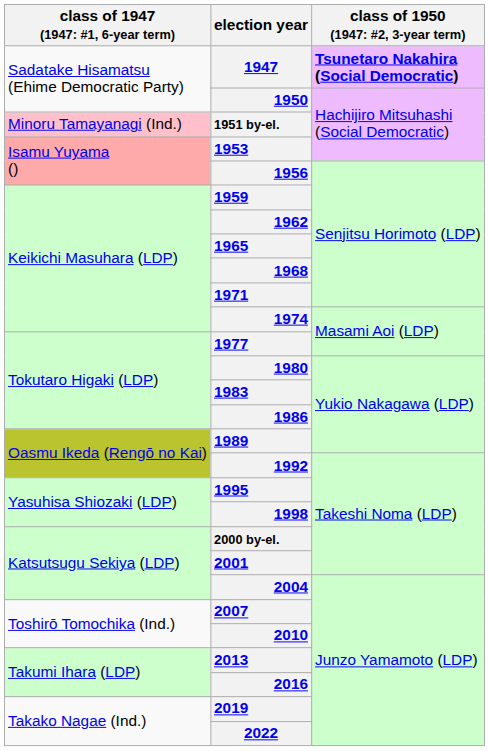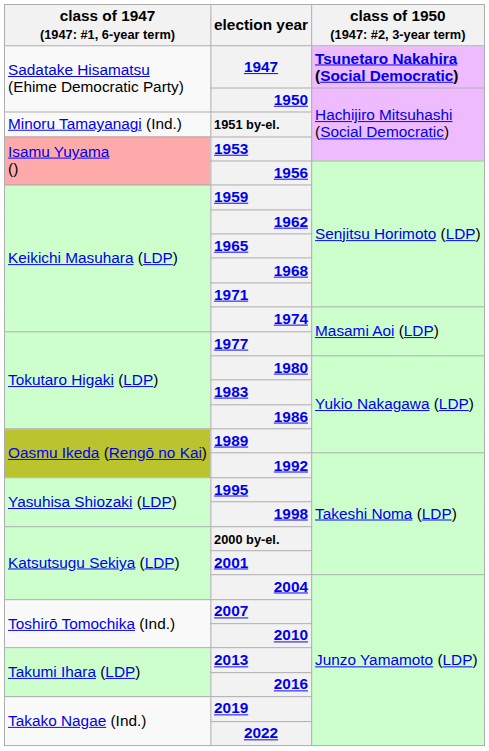 <table class="wikitable" border="1">
 <tr>
 <th>class of 1947 <br><small>(1947: #1, 6-year term)</small></th>
 <th>election year</th>
 <th>class of 1950 <br><small>(1947: #2, 3-year term)</small></th>
 </tr>
 <tr>
 <td rowspan="2"><a href='#'>Sadatake Hisamatsu</a><br>(Ehime Democratic Party)</td>
 <th style="text-align: center"><a href='#'>1947</a></th>
 <td bgcolor="#EEBBFF"><strong><a href='#'>Tsunetaro Nakahira</a><br>(<a href='#'>Social Democratic</a>)</strong></td>
 </tr>
 <tr>
 <th style="text-align: right"><a href='#'>1950</a></th>
 <td rowspan="3" bgcolor="#EEBBFF"><a href='#'>Hachijiro Mitsuhashi</a><br>(<a href='#'>Social Democratic</a>)</td>
 </tr>
 <tr>
-<td style="background: pink;"><a href='#'>Minoru Tamayanagi</a> (Ind.)</td>
+<td><a href='#'>Minoru Tamayanagi</a> (Ind.)</td>
 <th style="text-align: left"><small>1951 by-el.</small></th>
 </tr>
 <tr>
 <td rowspan="2" bgcolor="#FFAAAA"><a href='#'>Isamu Yuyama</a><br>()</td>
 <th style="text-align: left"><a href='#'>1953</a></th>
 </tr>
 <tr>
 <th style="text-align: right"><a href='#'>1956</a></th>
 <td rowspan="6" bgcolor="#CCFFCC"><a href='#'>Senjitsu Horimoto</a> (<a href='#'>LDP</a>)</td>
 </tr>
 <tr>
 <td rowspan="6" bgcolor="#CCFFCC"><a href='#'>Keikichi Masuhara</a> (<a href='#'>LDP</a>)</td>
 <th style="text-align: left"><a href='#'>1959</a></th>
 </tr>
 <tr>
 <th style="text-align: right"><a href='#'>1962</a></th>
 </tr>
 <tr>
 <th style="text-align: left"><a href='#'>1965</a></th>
 </tr>
 <tr>
 <th style="text-align: right"><a href='#'>1968</a></th>
 </tr>
 <tr>
 <th style="text-align: left"><a href='#'>1971</a></th>
 </tr>
 <tr>
 <th style="text-align: right"><a href='#'>1974</a></th>
 <td rowspan="2" bgcolor="#CCFFCC"><a href='#'>Masami Aoi</a> (<a href='#'>LDP</a>)</td>
 </tr>
 <tr>
 <td rowspan="4"  bgcolor="#CCFFCC"><a href='#'>Tokutaro Higaki</a> (<a href='#'>LDP</a>)</td>
 <th style="text-align: left"><a href='#'>1977</a></th>
 </tr>
 <tr>
 <th style="text-align: right"><a href='#'>1980</a></th>
 <td rowspan="4"  bgcolor="#CCFFCC"><a href='#'>Yukio Nakagawa</a> (<a href='#'>LDP</a>)</td>
 </tr>
 <tr>
 <th style="text-align: left"><a href='#'>1983</a></th>
 </tr>
 <tr>
 <th style="text-align: right"><a href='#'>1986</a></th>
 </tr>
 <tr>
 <td rowspan="2" bgcolor="#B9C42F"><a href='#'>Oasmu Ikeda</a> (<a href='#'>Rengō no Kai</a>)</td>
 <th style="text-align: left"><a href='#'>1989</a></th>
 </tr>
 <tr>
 <th style="text-align: right"><a href='#'>1992</a></th>
 <td rowspan="5"  bgcolor="#CCFFCC"><a href='#'>Takeshi Noma</a> (<a href='#'>LDP</a>)</td>
 </tr>
 <tr>
 <td rowspan="2"  bgcolor="#CCFFCC"><a href='#'>Yasuhisa Shiozaki</a> (<a href='#'>LDP</a>)</td>
 <th style="text-align: left"><a href='#'>1995</a></th>
 </tr>
 <tr>
 <th style="text-align: right"><a href='#'>1998</a></th>
 </tr>
 <tr>
 <td rowspan="3"  bgcolor="#CCFFCC"><a href='#'>Katsutsugu Sekiya</a> (<a href='#'>LDP</a>)</td>
 <th style="text-align: left"><small>2000 by-el.</small></th>
 </tr>
 <tr>
 <th style="text-align: left"><a href='#'>2001</a></th>
 </tr>
 <tr>
 <th style="text-align: right"><a href='#'>2004</a></th>
 <td rowspan="7" bgcolor="#CCFFCC"><a href='#'>Junzo Yamamoto</a> (<a href='#'>LDP</a>)</td>
 </tr>
 <tr>
 <td rowspan="2"><a href='#'>Toshirō Tomochika</a> (Ind.)</td>
 <th style="text-align: left"><a href='#'>2007</a></th>
 </tr>
 <tr>
 <th style="text-align: right"><a href='#'>2010</a></th>
 </tr>
 <tr>
 <td rowspan="2" bgcolor="#CCFFCC"><a href='#'>Takumi Ihara</a> (<a href='#'>LDP</a>)</td>
 <th style="text-align: left"><a href='#'>2013</a></th>
 </tr>
 <tr>
 <th style="text-align: right"><a href='#'>2016</a></th>
 </tr>
 <tr>
 <td rowspan="2"><a href='#'>Takako Nagae</a> (Ind.)</td>
 <th style="text-align: left"><a href='#'>2019</a></th>
 </tr>
 <tr>
 <th><a href='#'>2022</a></th>
 </tr>
 </table>
